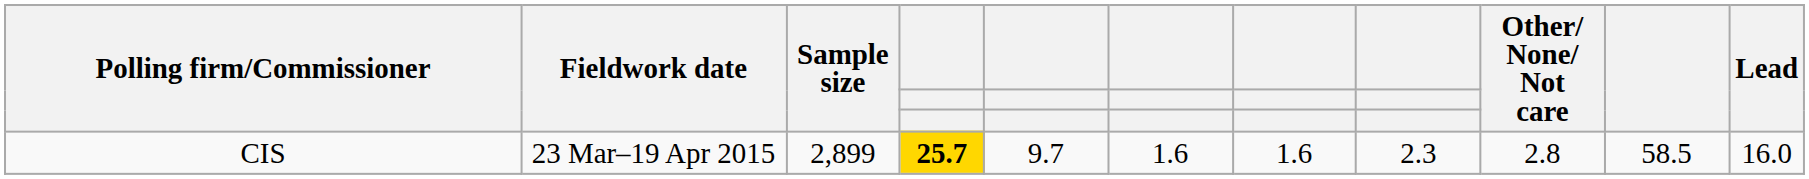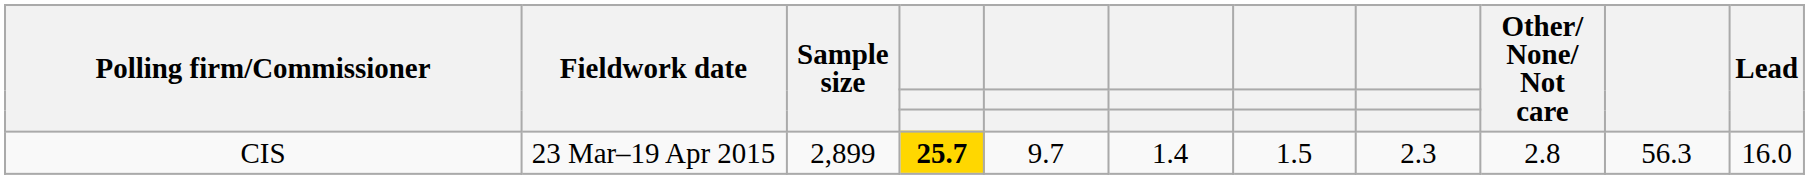 <table class="wikitable collapsible collapsed" style="text-align:center; font-size:90%; line-height:14px;">
 <tr style="height:42px;">
 <th style="width:250px;" rowspan="3">Polling firm/Commissioner</th>
 <th style="width:125px;" rowspan="3">Fieldwork date</th>
 <th style="width:50px;" rowspan="3">Sample size</th>
 <th style="width:35px;"></th>
 <th style="width:55px;"></th>
 <th style="width:55px;"></th>
 <th style="width:55px;"></th>
 <th style="width:55px;"></th>
 <th style="width:55px;" rowspan="3">Other/<br>None/<br>Not<br>care</th>
 <th style="width:55px;" rowspan="3"></th>
 <th style="width:30px;" rowspan="3">Lead</th>
 </tr>
 <tr>
 <th style="color:inherit;background:"></th>
 <th style="color:inherit;background:"></th>
 <th style="color:inherit;background:"></th>
 <th style="color:inherit;background:"></th>
 <th style="color:inherit;background:"></th>
 </tr>
 <tr>
 <th></th>
 <th></th>
 <th></th>
 <th></th>
 <th></th>
 </tr>
 <tr>
 <td>CIS</td>
 <td>23 Mar–19 Apr 2015</td>
 <td>2,899</td>
 <td style="background: gold;"><strong>25.7</strong></td>
 <td>9.7</td>
-<td>1.6</td>
-<td>1.6</td>
+<td>1.4</td>
+<td>1.5</td>
 <td>2.3</td>
 <td>2.8</td>
-<td>58.5</td>
+<td>56.3</td>
 <td style="background:">16.0</td>
 </tr>
 </table>
